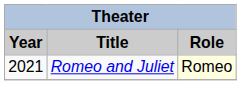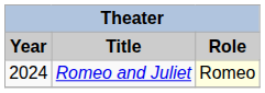 <table class="wikitable" style="f">
 <tr>
 <th colspan=4 style="background:LightSteelBlue">Theater</th>
 </tr>
 <tr>
 <th style="background:#CCCCCC">Year</th>
 <th style="background:#CCCCCC">Title</th>
 <th style="background:#CCCCCC">Role</th>
 </tr>
 <tr>
-<td>2021</td>
+<td>2024</td>
 <td><em><a href='#'>Romeo and Juliet</a></em></td>
 <td style="background: lightyellow;">Romeo</td>
 </tr>
 <tr>
 </tr>
 </table>
